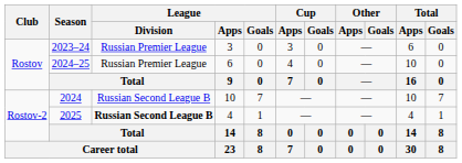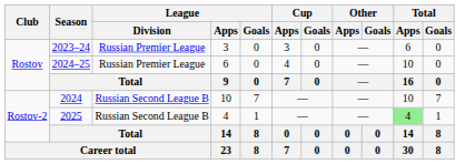 <table class="wikitable" style="text-align: center;">
 <tr>
 <th rowspan="2">Club</th>
 <th rowspan="2">Season</th>
 <th colspan="3">League</th>
 <th colspan="2">Cup</th>
 <th colspan="2">Other</th>
 <th colspan="2">Total</th>
 </tr>
 <tr>
 <th>Division</th>
 <th>Apps</th>
 <th>Goals</th>
 <th>Apps</th>
 <th>Goals</th>
 <th>Apps</th>
 <th>Goals</th>
 <th>Apps</th>
 <th>Goals</th>
 </tr>
 <tr>
 <td rowspan="3"><a href='#'>Rostov</a></td>
 <td><a href='#'>2023–24</a></td>
 <td><a href='#'>Russian Premier League</a></td>
 <td>3</td>
 <td>0</td>
 <td>3</td>
 <td>0</td>
 <td colspan="2">—</td>
 <td>6</td>
 <td>0</td>
 </tr>
 <tr>
 <td><a href='#'>2024–25</a></td>
 <td>Russian Premier League</td>
 <td>6</td>
 <td>0</td>
 <td>4</td>
 <td>0</td>
 <td colspan="2">—</td>
 <td>10</td>
 <td>0</td>
 </tr>
 <tr>
 <th colspan="2">Total</th>
 <th>9</th>
 <th>0</th>
 <th>7</th>
 <th>0</th>
 <th colspan="2">—</th>
 <th>16</th>
 <th>0</th>
 </tr>
 <tr>
 <td rowspan="3"><a href='#'>Rostov-2</a></td>
 <td><a href='#'>2024</a></td>
 <td><a href='#'>Russian Second League B</a></td>
 <td>10</td>
 <td>7</td>
 <td colspan="2">—</td>
 <td colspan="2">—</td>
 <td>10</td>
 <td>7</td>
 </tr>
 <tr>
 <td><a href='#'>2025</a></td>
-<td><strong>Russian Second League B</strong></td>
+<td>Russian Second League B</td>
 <td>4</td>
 <td>1</td>
 <td colspan="2">—</td>
 <td colspan="2">—</td>
-<td>4</td>
+<td style="background: lightgreen;">4</td>
 <td>1</td>
 </tr>
 <tr>
 <th colspan="2">Total</th>
 <th>14</th>
 <th>8</th>
 <th>0</th>
 <th>0</th>
 <th>0</th>
 <th>0</th>
 <th>14</th>
 <th>8</th>
 </tr>
 <tr>
 <th colspan="3">Career total</th>
 <th>23</th>
 <th>8</th>
 <th>7</th>
 <th>0</th>
 <th>0</th>
 <th>0</th>
 <th>30</th>
 <th>8</th>
 </tr>
 </table>
